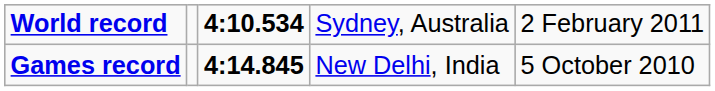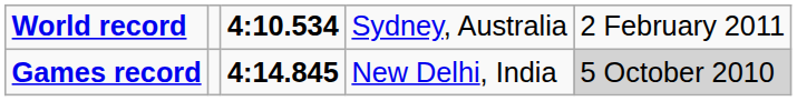 <table class="wikitable">
 <tr>
 <td><a href='#'><strong>World record</strong></a></td>
 <td></td>
 <td><strong>4:10.534</strong></td>
 <td><a href='#'>Sydney</a>, Australia</td>
 <td>2 February 2011</td>
 </tr>
 <tr>
 <td><a href='#'><strong>Games record</strong></a></td>
 <td></td>
 <td><strong>4:14.845</strong></td>
 <td><a href='#'>New Delhi</a>, India</td>
-<td>5 October 2010</td>
+<td style="background: lightgrey;">5 October 2010</td>
 </tr>
 </table>
